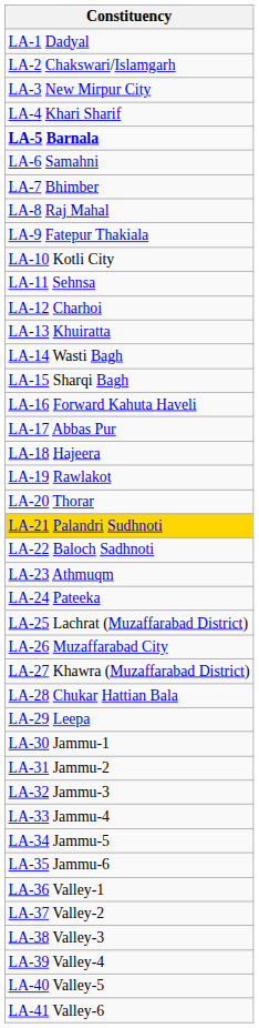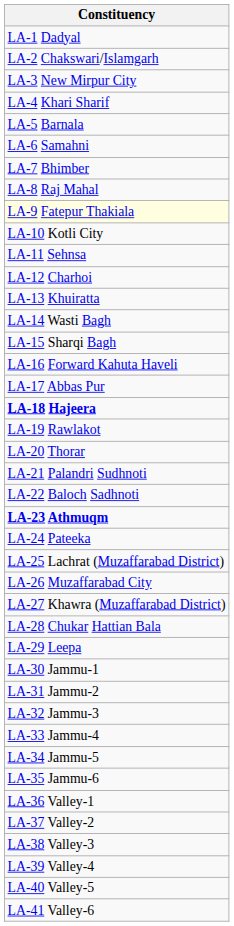 <table class="sortable wikitable">
 <tr>
 <th><strong>Constituency</strong></th>
 </tr>
 <tr>
 <td><a href='#'>LA-1</a> <a href='#'>Dadyal</a></td>
 </tr>
 <tr>
 <td><a href='#'>LA-2</a> <a href='#'>Chakswari</a>/<a href='#'>Islamgarh</a></td>
 </tr>
 <tr>
 <td><a href='#'>LA-3</a> <a href='#'>New Mirpur City</a></td>
 </tr>
 <tr>
 <td><a href='#'>LA-4</a> <a href='#'>Khari Sharif</a></td>
 </tr>
 <tr>
-<td><strong><a href='#'>LA-5</a> <a href='#'>Barnala</a></strong></td>
+<td><a href='#'>LA-5</a> <a href='#'>Barnala</a></td>
 </tr>
 <tr>
 <td><a href='#'>LA-6</a> <a href='#'>Samahni</a></td>
 </tr>
 <tr>
 <td><a href='#'>LA-7</a> <a href='#'>Bhimber</a></td>
 </tr>
 <tr>
 <td><a href='#'>LA-8</a> <a href='#'>Raj Mahal</a></td>
 </tr>
 <tr>
-<td><a href='#'>LA-9</a> <a href='#'>Fatepur Thakiala</a></td>
+<td style="background: lightyellow;"><a href='#'>LA-9</a> <a href='#'>Fatepur Thakiala</a></td>
 </tr>
 <tr>
 <td><a href='#'>LA-10</a> Kotli City</td>
 </tr>
 <tr>
 <td><a href='#'>LA-11</a> <a href='#'>Sehnsa</a></td>
 </tr>
 <tr>
 <td><a href='#'>LA-12</a> <a href='#'>Charhoi</a></td>
 </tr>
 <tr>
 <td><a href='#'>LA-13</a> <a href='#'>Khuiratta</a></td>
 </tr>
 <tr>
 <td><a href='#'>LA-14</a> Wasti <a href='#'>Bagh</a></td>
 </tr>
 <tr>
 <td><a href='#'>LA-15</a> Sharqi <a href='#'>Bagh</a></td>
 </tr>
 <tr>
 <td><a href='#'>LA-16</a> <a href='#'>Forward Kahuta Haveli</a></td>
 </tr>
 <tr>
 <td><a href='#'>LA-17</a> <a href='#'>Abbas Pur</a></td>
 </tr>
 <tr>
-<td><a href='#'>LA-18</a> <a href='#'>Hajeera</a></td>
+<td><strong><a href='#'>LA-18</a> <a href='#'>Hajeera</a></strong></td>
 </tr>
 <tr>
 <td><a href='#'>LA-19</a> <a href='#'>Rawlakot</a></td>
 </tr>
 <tr>
 <td><a href='#'>LA-20</a> <a href='#'>Thorar</a></td>
 </tr>
 <tr>
-<td style="background: gold;"><a href='#'>LA-21</a> <a href='#'>Palandri</a> <a href='#'>Sudhnoti</a></td>
+<td><a href='#'>LA-21</a> <a href='#'>Palandri</a> <a href='#'>Sudhnoti</a></td>
 </tr>
 <tr>
 <td><a href='#'>LA-22</a> <a href='#'>Baloch</a> <a href='#'>Sadhnoti</a></td>
 </tr>
 <tr>
-<td><a href='#'>LA-23</a> <a href='#'>Athmuqm</a></td>
+<td><strong><a href='#'>LA-23</a> <a href='#'>Athmuqm</a></strong></td>
 </tr>
 <tr>
 <td><a href='#'>LA-24</a> <a href='#'>Pateeka</a></td>
 </tr>
 <tr>
 <td><a href='#'>LA-25</a> Lachrat (<a href='#'>Muzaffarabad District</a>)</td>
 </tr>
 <tr>
 <td><a href='#'>LA-26</a> <a href='#'>Muzaffarabad City</a></td>
 </tr>
 <tr>
 <td><a href='#'>LA-27</a> Khawra (<a href='#'>Muzaffarabad District</a>)</td>
 </tr>
 <tr>
 <td><a href='#'>LA-28</a> <a href='#'>Chukar</a> <a href='#'>Hattian Bala</a></td>
 </tr>
 <tr>
 <td><a href='#'>LA-29</a> <a href='#'>Leepa</a></td>
 </tr>
 <tr>
 <td><a href='#'>LA-30</a> Jammu-1</td>
 </tr>
 <tr>
 <td><a href='#'>LA-31</a> Jammu-2</td>
 </tr>
 <tr>
 <td><a href='#'>LA-32</a> Jammu-3</td>
 </tr>
 <tr>
 <td><a href='#'>LA-33</a> Jammu-4</td>
 </tr>
 <tr>
 <td><a href='#'>LA-34</a> Jammu-5</td>
 </tr>
 <tr>
 <td><a href='#'>LA-35</a> Jammu-6</td>
 </tr>
 <tr>
 <td><a href='#'>LA-36</a> Valley-1</td>
 </tr>
 <tr>
 <td><a href='#'>LA-37</a> Valley-2</td>
 </tr>
 <tr>
 <td><a href='#'>LA-38</a> Valley-3</td>
 </tr>
 <tr>
 <td><a href='#'>LA-39</a> Valley-4</td>
 </tr>
 <tr>
 <td><a href='#'>LA-40</a> Valley-5</td>
 </tr>
 <tr>
 <td><a href='#'>LA-41</a> Valley-6</td>
 </tr>
 </table>
